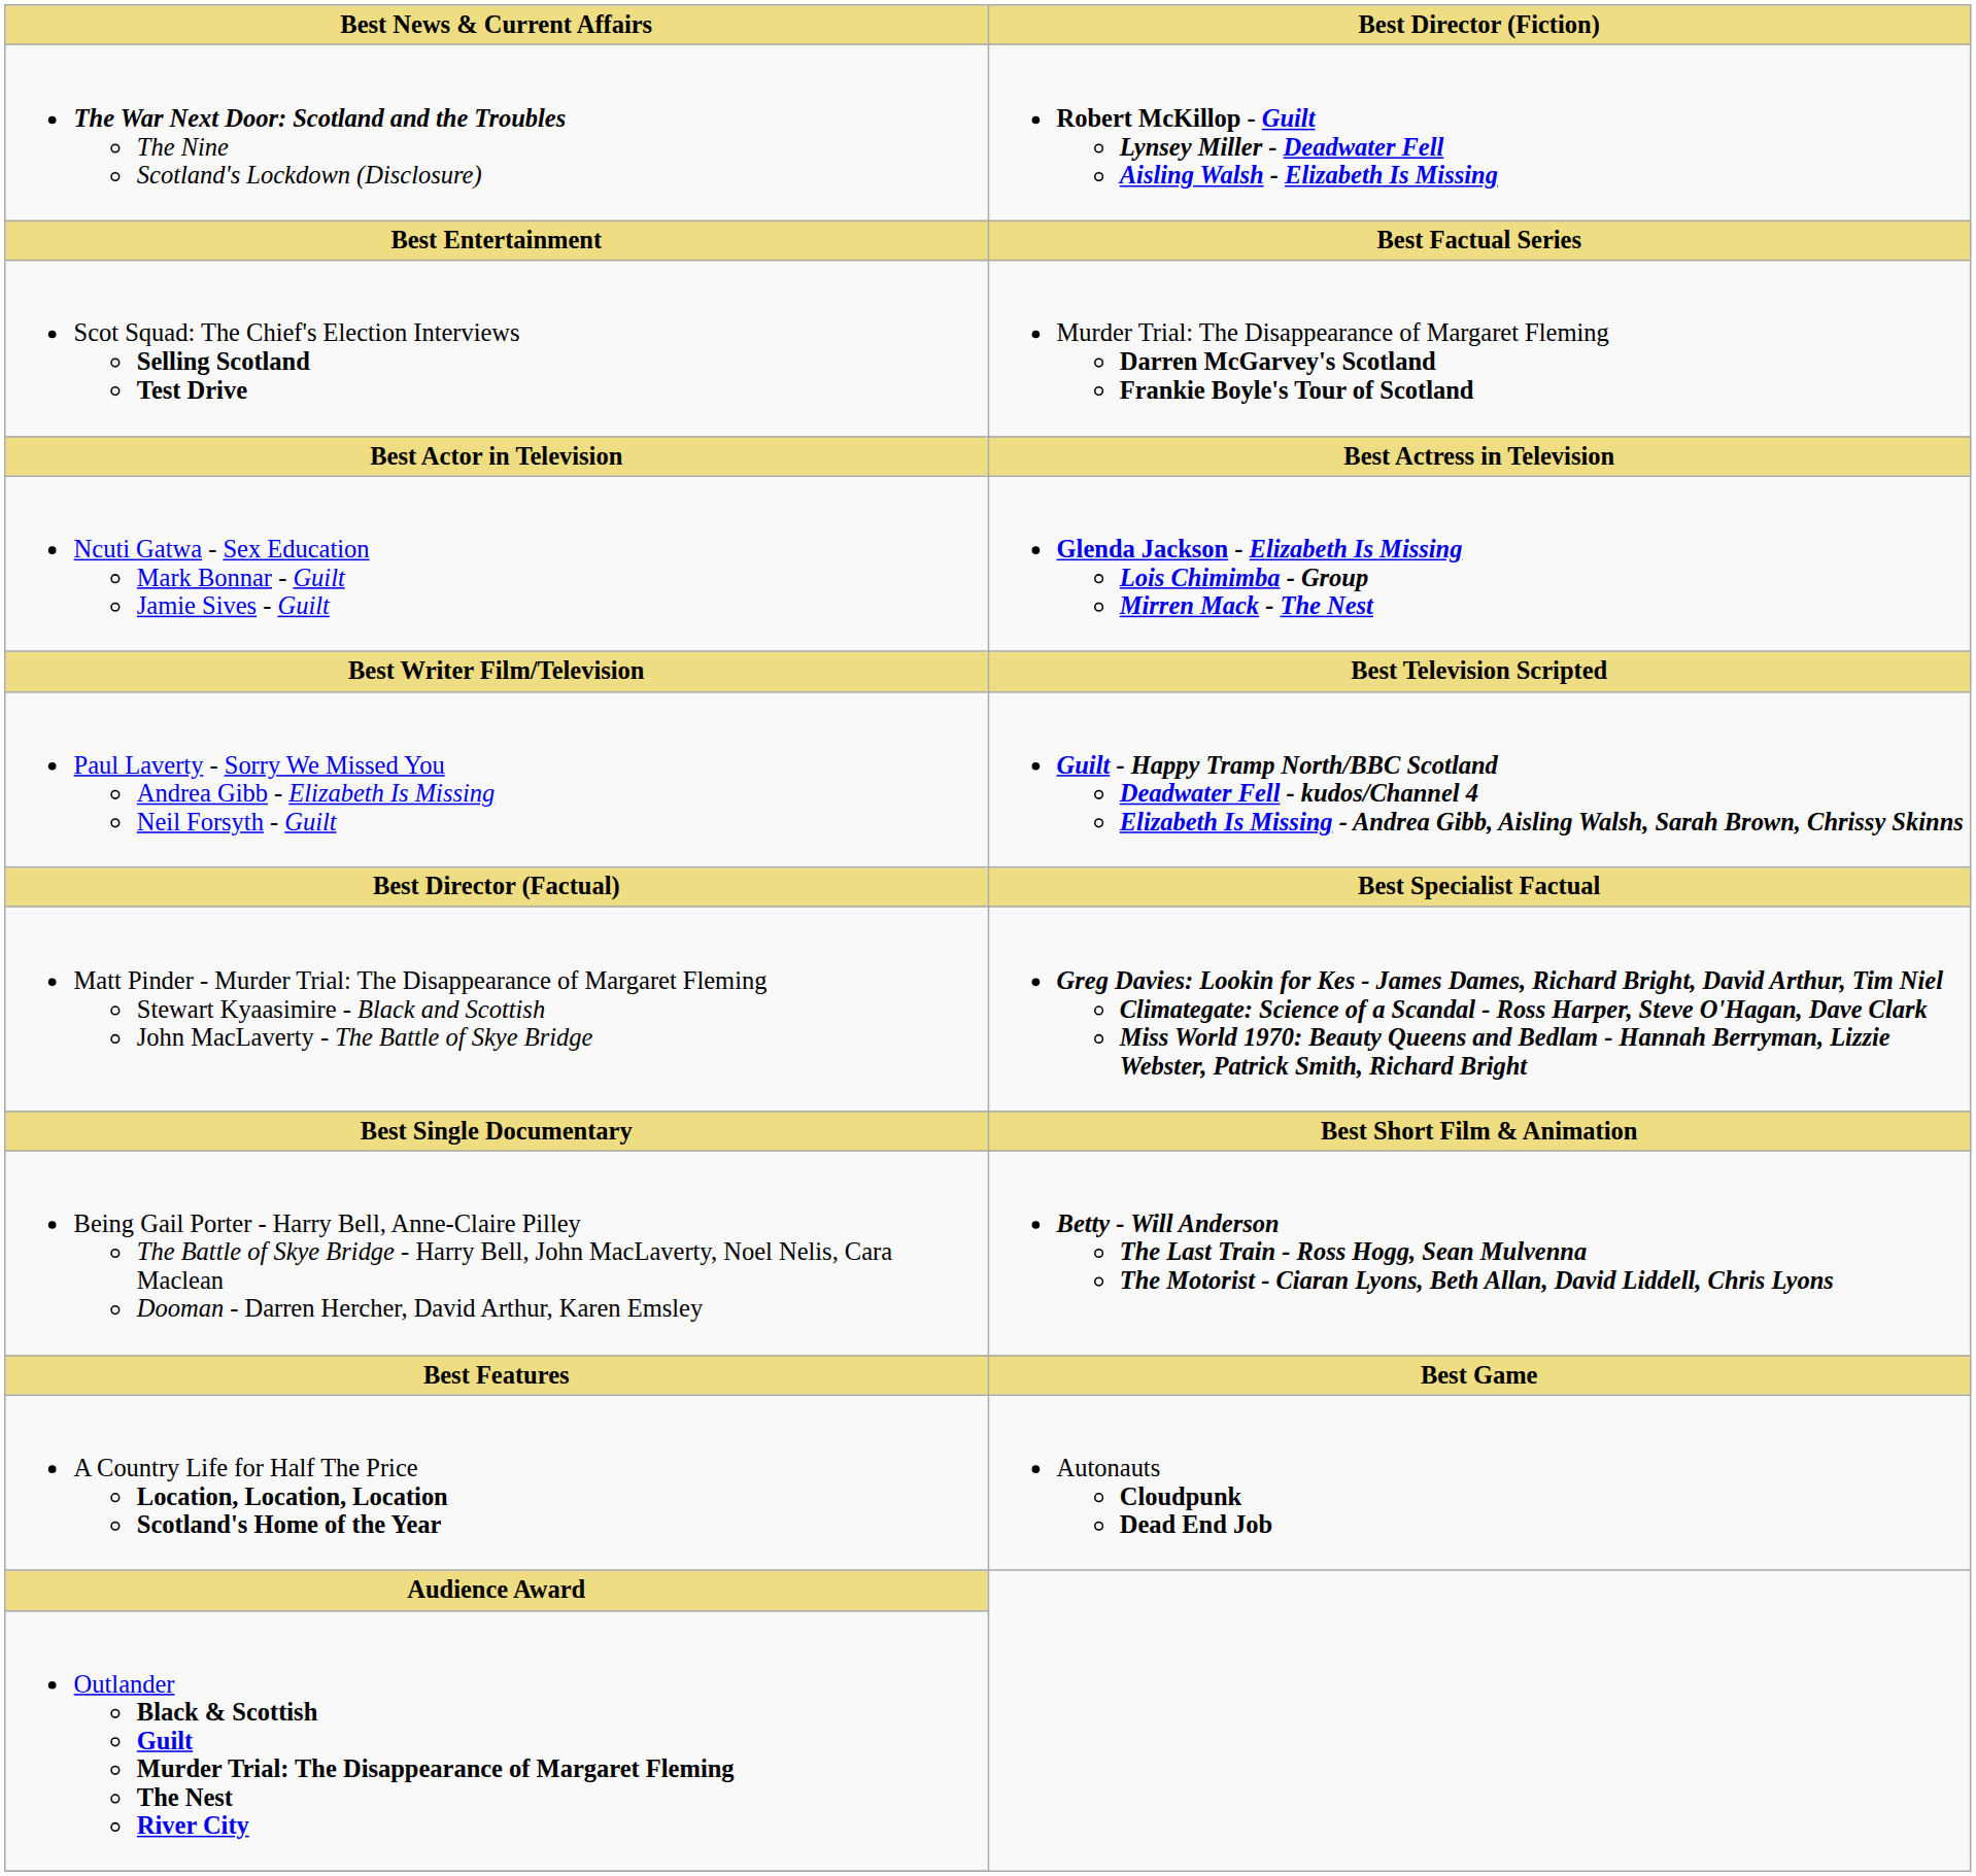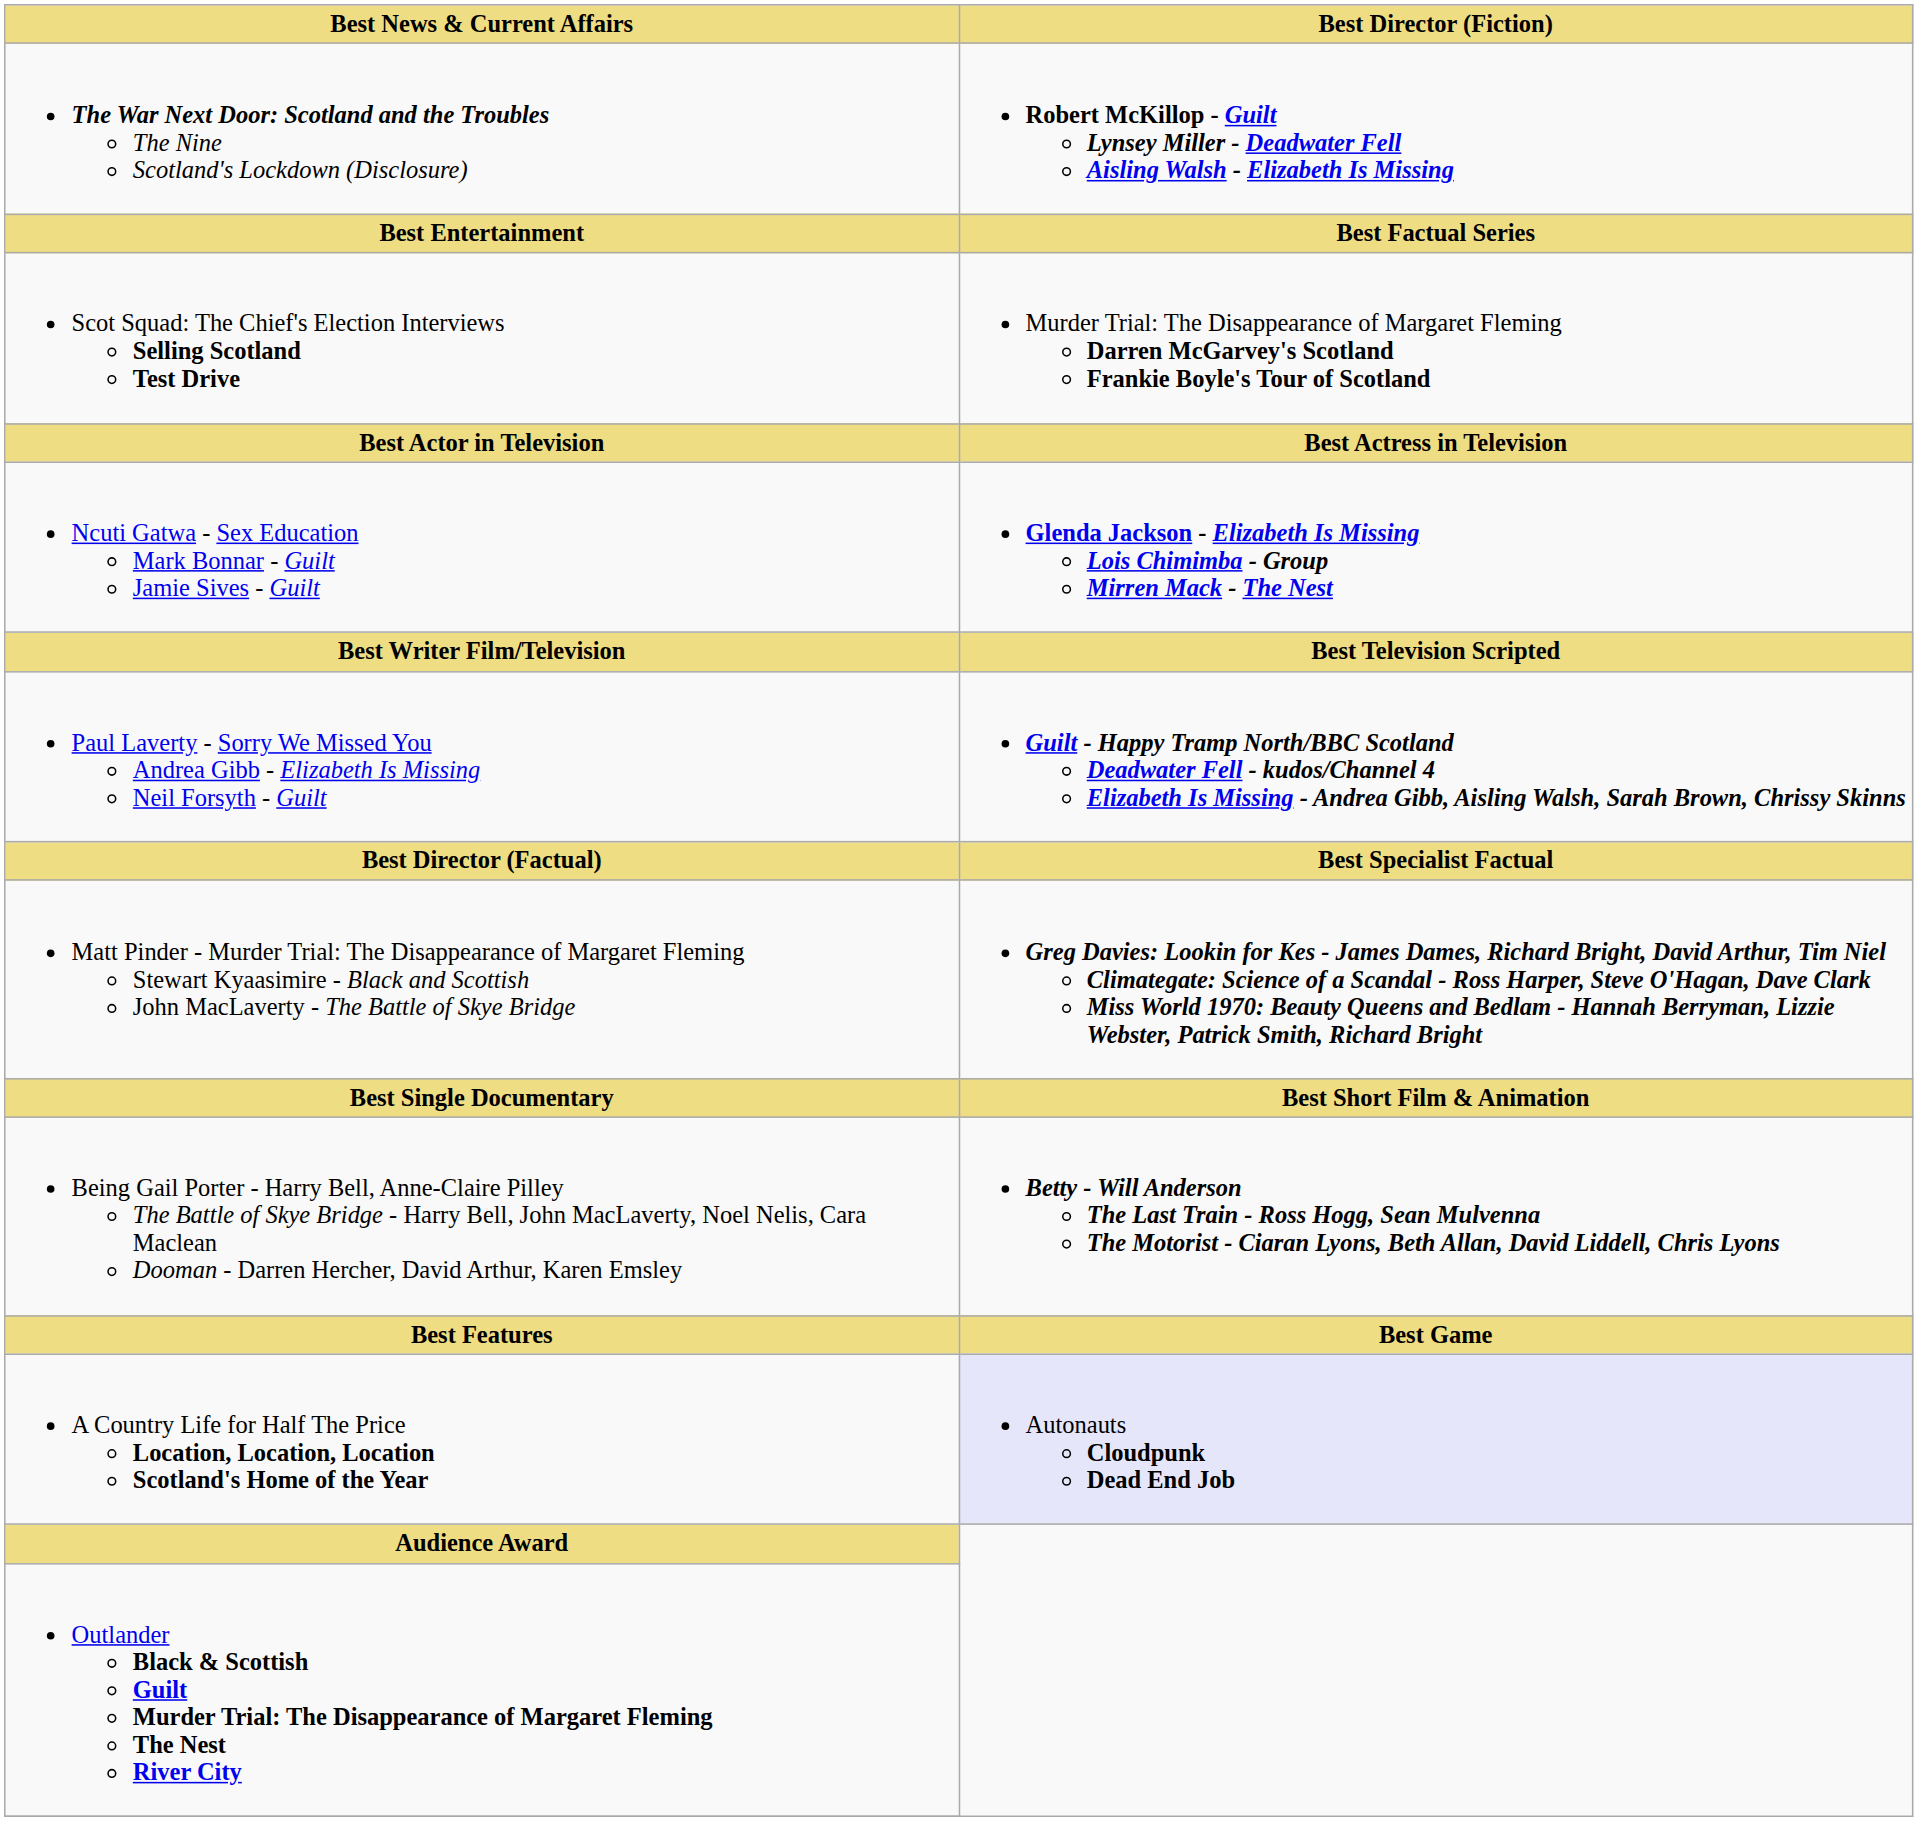 <table class=wikitable>
 <tr>
 <th style="background:#EEDD82; width:50%">Best News & Current Affairs</th>
 <th style="background:#EEDD82; width:50%">Best Director (Fiction)</th>
 </tr>
 <tr>
 <td valign="top"><br><ul><li><strong><em>The War Next Door: Scotland and the Troubles</em></strong><ul><li><em>The Nine</em></li><li><em>Scotland's Lockdown (Disclosure)</em></li></ul></li></ul></td>
 <td valign="top"><br><ul><li><strong>Robert McKillop - <em><a href='#'>Guilt</a><strong><em><ul><li>Lynsey Miller - </em><a href='#'>Deadwater Fell</a><em></li><li><a href='#'>Aisling Walsh</a> - </em><a href='#'>Elizabeth Is Missing</a><em></li></ul></li></ul></td>
 </tr>
 <tr>
 <th style="background:#EEDD82; width:50%">Best Entertainment</th>
 <th style="background:#EEDD82; width:50%">Best Factual Series</th>
 </tr>
 <tr>
 <td valign="top"><br><ul><li></em></strong>Scot Squad: The Chief's Election Interviews<strong><em><ul><li></em>Selling Scotland<em></li><li></em>Test Drive<em></li></ul></li></ul></td>
 <td valign="top"><br><ul><li></em></strong>Murder Trial: The Disappearance of Margaret Fleming<strong><em><ul><li></em>Darren McGarvey's Scotland<em></li><li></em>Frankie Boyle's Tour of Scotland<em></li></ul></li></ul></td>
 </tr>
 <tr>
 <th style="background:#EEDD82; width:50%">Best Actor in Television</th>
 <th style="background:#EEDD82; width:50%">Best Actress in Television</th>
 </tr>
 <tr>
 <td valign="top"><br><ul><li></strong><a href='#'>Ncuti Gatwa</a> - </em><a href='#'>Sex Education</a></em></strong><ul><li><a href='#'>Mark Bonnar</a> - <em><a href='#'>Guilt</a></em></li><li><a href='#'>Jamie Sives</a> - <em><a href='#'>Guilt</a></em></li></ul></li></ul></td>
 <td valign="top"><br><ul><li><strong><a href='#'>Glenda Jackson</a> - <em><a href='#'>Elizabeth Is Missing</a><strong><em><ul><li><a href='#'>Lois Chimimba</a> - </em>Group<em></li><li><a href='#'>Mirren Mack</a> - </em><a href='#'>The Nest</a><em></li></ul></li></ul></td>
 </tr>
 <tr>
 <th style="background:#EEDD82; width:50%">Best Writer Film/Television</th>
 <th style="background:#EEDD82; width:50%">Best Television Scripted</th>
 </tr>
 <tr>
 <td valign="top"><br><ul><li></strong><a href='#'>Paul Laverty</a> - </em><a href='#'>Sorry We Missed You</a></em></strong><ul><li><a href='#'>Andrea Gibb</a> - <em><a href='#'>Elizabeth Is Missing</a></em></li><li><a href='#'>Neil Forsyth</a> - <em><a href='#'>Guilt</a></em></li></ul></li></ul></td>
 <td valign="top"><br><ul><li><strong><em><a href='#'>Guilt</a><em> - Happy Tramp North/BBC Scotland<strong><ul><li></em><a href='#'>Deadwater Fell</a><em> - kudos/Channel 4</li><li></em><a href='#'>Elizabeth Is Missing</a><em> - Andrea Gibb, Aisling Walsh, Sarah Brown, Chrissy Skinns</li></ul></li></ul></td>
 </tr>
 <tr>
 <th style="background:#EEDD82; width:50%">Best Director (Factual)</th>
 <th style="background:#EEDD82; width:50%">Best Specialist Factual</th>
 </tr>
 <tr>
 <td valign="top"><br><ul><li></strong>Matt Pinder - </em>Murder Trial: The Disappearance of Margaret Fleming</em></strong><ul><li>Stewart Kyaasimire - <em>Black and Scottish</em></li><li>John MacLaverty - <em>The Battle of Skye Bridge</em></li></ul></li></ul></td>
 <td valign="top"><br><ul><li><strong><em>Greg Davies: Lookin for Kes<em> - James Dames, Richard Bright, David Arthur, Tim Niel<strong><ul><li></em>Climategate: Science of a Scandal<em> - Ross Harper, Steve O'Hagan, Dave Clark</li><li></em>Miss World 1970: Beauty Queens and Bedlam<em> - Hannah Berryman, Lizzie Webster, Patrick Smith, Richard Bright</li></ul></li></ul></td>
 </tr>
 <tr>
 <th style="background:#EEDD82; width:50%">Best Single Documentary</th>
 <th style="background:#EEDD82; width:50%">Best Short Film & Animation</th>
 </tr>
 <tr>
 <td valign="top"><br><ul><li></em></strong>Being Gail Porter</em> - Harry Bell, Anne-Claire Pilley</strong><ul><li><em>The Battle of Skye Bridge</em> - Harry Bell, John MacLaverty, Noel Nelis, Cara Maclean</li><li><em>Dooman</em> - Darren Hercher, David Arthur, Karen Emsley</li></ul></li></ul></td>
 <td valign="top"><br><ul><li><strong><em>Betty<em> - Will Anderson<strong><ul><li></em>The Last Train<em> - Ross Hogg, Sean Mulvenna</li><li></em>The Motorist<em> - Ciaran Lyons, Beth Allan, David Liddell, Chris Lyons</li></ul></li></ul></td>
 </tr>
 <tr>
 <th style="background:#EEDD82; width:50%">Best Features</th>
 <th style="background:#EEDD82; width:50%">Best Game</th>
 </tr>
 <tr>
 <td valign="top"><br><ul><li></em></strong>A Country Life for Half The Price<strong><em><ul><li></em>Location, Location, Location<em></li><li></em>Scotland's Home of the Year<em></li></ul></li></ul></td>
-<td valign="top"><br><ul><li></strong>Autonauts<strong><ul><li>Cloudpunk</li><li>Dead End Job</li></ul></li></ul></td>
+<td valign="top" style="background: lavender;"><br><ul><li></strong>Autonauts<strong><ul><li>Cloudpunk</li><li>Dead End Job</li></ul></li></ul></td>
 </tr>
 <tr>
 <th style="background:#EEDD82; width:50%">Audience Award</th>
 </tr>
 <tr>
 <td valign="top"><br><ul><li></em></strong><a href='#'>Outlander</a><strong><em><ul><li></em>Black & Scottish<em></li><li></em><a href='#'>Guilt</a><em></li><li></em>Murder Trial: The Disappearance of Margaret Fleming<em></li><li></em>The Nest<em></li><li></em><a href='#'>River City</a><em></li></ul></li></ul></td>
 </tr>
 <tr>
 </tr>
 </table>
